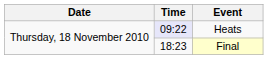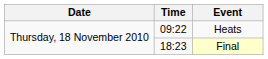 <table class = "wikitable" style="text-align:center;">
 <tr>
 <th width=220>Date</th>
 <th width=50>Time</th>
 <th width=100>Event</th>
 </tr>
 <tr>
 <td rowspan=2>Thursday, 18 November 2010</td>
-<td style="background: lavender;">09:22</td>
+<td>09:22</td>
 <td>Heats</td>
 </tr>
 <tr>
 <td>18:23</td>
 <td bgcolor=ffffcc>Final</td>
 </tr>
 </table>
